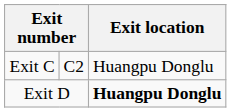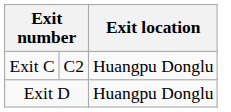 <table class="wikitable">
 <tr>
 <th style="width:70px" colspan="2">Exit number</th>
 <th>Exit location</th>
 </tr>
 <tr>
 <td align="center">Exit C</td>
 <td>C2</td>
 <td>Huangpu Donglu</td>
 </tr>
 <tr>
 <td align="center" colspan="2">Exit D</td>
-<td><strong>Huangpu Donglu</strong></td>
+<td>Huangpu Donglu</td>
 </tr>
 </table>
